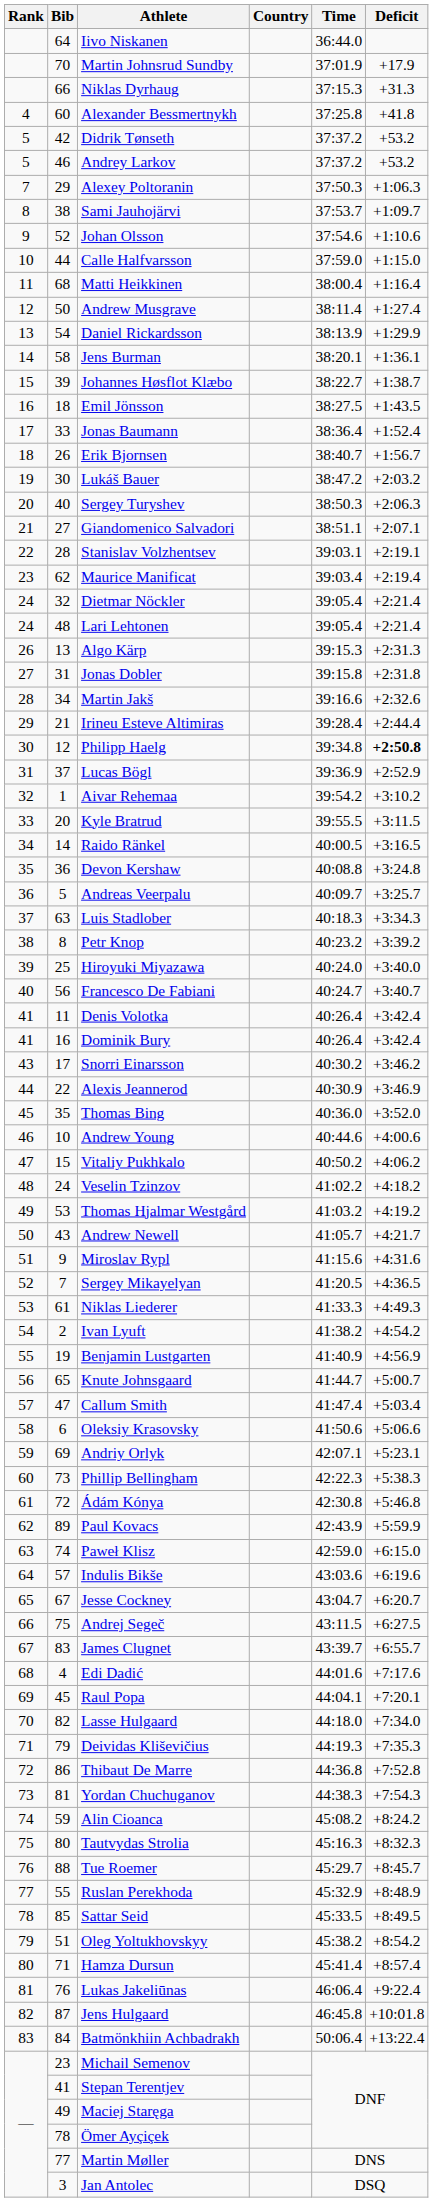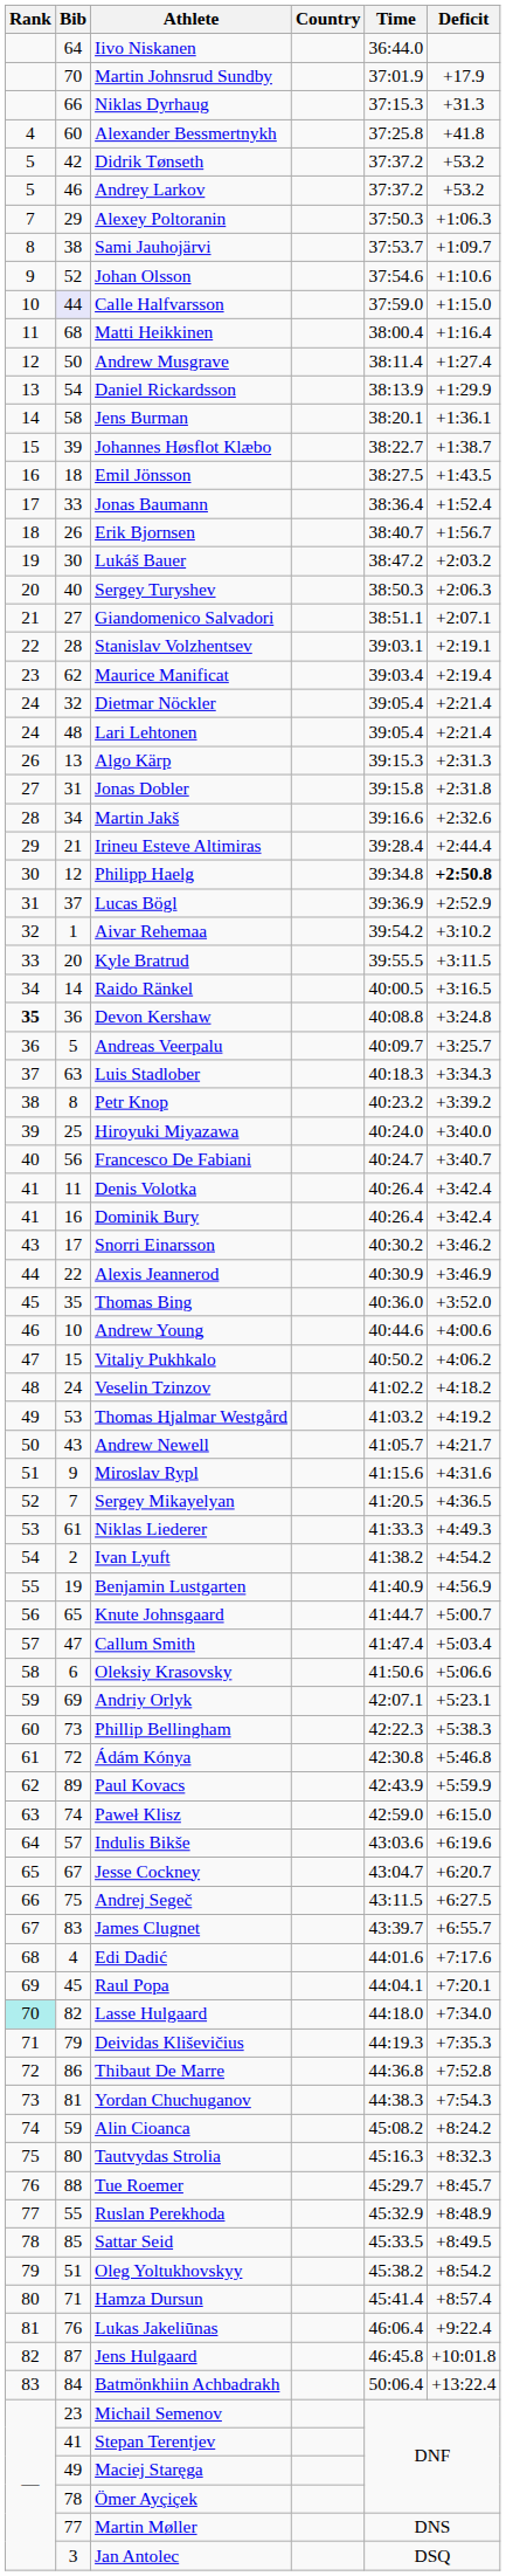 <table class="wikitable sortable" style="text-align:center">
 <tr>
 <th>Rank</th>
 <th>Bib</th>
 <th>Athlete</th>
 <th>Country</th>
 <th>Time</th>
 <th>Deficit</th>
 </tr>
 <tr>
 <td></td>
 <td>64</td>
 <td align=left><a href='#'>Iivo Niskanen</a></td>
 <td align=left></td>
 <td>36:44.0</td>
 <td></td>
 </tr>
 <tr>
 <td></td>
 <td>70</td>
 <td align=left><a href='#'>Martin Johnsrud Sundby</a></td>
 <td align=left></td>
 <td>37:01.9</td>
 <td>+17.9</td>
 </tr>
 <tr>
 <td></td>
 <td>66</td>
 <td align=left><a href='#'>Niklas Dyrhaug</a></td>
 <td align=left></td>
 <td>37:15.3</td>
 <td>+31.3</td>
 </tr>
 <tr>
 <td>4</td>
 <td>60</td>
 <td align=left><a href='#'>Alexander Bessmertnykh</a></td>
 <td align=left></td>
 <td>37:25.8</td>
 <td>+41.8</td>
 </tr>
 <tr>
 <td>5</td>
 <td>42</td>
 <td align=left><a href='#'>Didrik Tønseth</a></td>
 <td align=left></td>
 <td>37:37.2</td>
 <td>+53.2</td>
 </tr>
 <tr>
 <td>5</td>
 <td>46</td>
 <td align=left><a href='#'>Andrey Larkov</a></td>
 <td align=left></td>
 <td>37:37.2</td>
 <td>+53.2</td>
 </tr>
 <tr>
 <td>7</td>
 <td>29</td>
 <td align=left><a href='#'>Alexey Poltoranin</a></td>
 <td align=left></td>
 <td>37:50.3</td>
 <td>+1:06.3</td>
 </tr>
 <tr>
 <td>8</td>
 <td>38</td>
 <td align=left><a href='#'>Sami Jauhojärvi</a></td>
 <td align=left></td>
 <td>37:53.7</td>
 <td>+1:09.7</td>
 </tr>
 <tr>
 <td>9</td>
 <td>52</td>
 <td align=left><a href='#'>Johan Olsson</a></td>
 <td align=left></td>
 <td>37:54.6</td>
 <td>+1:10.6</td>
 </tr>
 <tr>
 <td>10</td>
-<td>44</td>
+<td style="background: lavender;">44</td>
 <td align=left><a href='#'>Calle Halfvarsson</a></td>
 <td align=left></td>
 <td>37:59.0</td>
 <td>+1:15.0</td>
 </tr>
 <tr>
 <td>11</td>
 <td>68</td>
 <td align=left><a href='#'>Matti Heikkinen</a></td>
 <td align=left></td>
 <td>38:00.4</td>
 <td>+1:16.4</td>
 </tr>
 <tr>
 <td>12</td>
 <td>50</td>
 <td align=left><a href='#'>Andrew Musgrave</a></td>
 <td align=left></td>
 <td>38:11.4</td>
 <td>+1:27.4</td>
 </tr>
 <tr>
 <td>13</td>
 <td>54</td>
 <td align=left><a href='#'>Daniel Rickardsson</a></td>
 <td align=left></td>
 <td>38:13.9</td>
 <td>+1:29.9</td>
 </tr>
 <tr>
 <td>14</td>
 <td>58</td>
 <td align=left><a href='#'>Jens Burman</a></td>
 <td align=left></td>
 <td>38:20.1</td>
 <td>+1:36.1</td>
 </tr>
 <tr>
 <td>15</td>
 <td>39</td>
 <td align=left><a href='#'>Johannes Høsflot Klæbo</a></td>
 <td align=left></td>
 <td>38:22.7</td>
 <td>+1:38.7</td>
 </tr>
 <tr>
 <td>16</td>
 <td>18</td>
 <td align=left><a href='#'>Emil Jönsson</a></td>
 <td align=left></td>
 <td>38:27.5</td>
 <td>+1:43.5</td>
 </tr>
 <tr>
 <td>17</td>
 <td>33</td>
 <td align=left><a href='#'>Jonas Baumann</a></td>
 <td align=left></td>
 <td>38:36.4</td>
 <td>+1:52.4</td>
 </tr>
 <tr>
 <td>18</td>
 <td>26</td>
 <td align=left><a href='#'>Erik Bjornsen</a></td>
 <td align=left></td>
 <td>38:40.7</td>
 <td>+1:56.7</td>
 </tr>
 <tr>
 <td>19</td>
 <td>30</td>
 <td align=left><a href='#'>Lukáš Bauer</a></td>
 <td align=left></td>
 <td>38:47.2</td>
 <td>+2:03.2</td>
 </tr>
 <tr>
 <td>20</td>
 <td>40</td>
 <td align=left><a href='#'>Sergey Turyshev</a></td>
 <td align=left></td>
 <td>38:50.3</td>
 <td>+2:06.3</td>
 </tr>
 <tr>
 <td>21</td>
 <td>27</td>
 <td align=left><a href='#'>Giandomenico Salvadori</a></td>
 <td align=left></td>
 <td>38:51.1</td>
 <td>+2:07.1</td>
 </tr>
 <tr>
 <td>22</td>
 <td>28</td>
 <td align=left><a href='#'>Stanislav Volzhentsev</a></td>
 <td align=left></td>
 <td>39:03.1</td>
 <td>+2:19.1</td>
 </tr>
 <tr>
 <td>23</td>
 <td>62</td>
 <td align=left><a href='#'>Maurice Manificat</a></td>
 <td align=left></td>
 <td>39:03.4</td>
 <td>+2:19.4</td>
 </tr>
 <tr>
 <td>24</td>
 <td>32</td>
 <td align=left><a href='#'>Dietmar Nöckler</a></td>
 <td align=left></td>
 <td>39:05.4</td>
 <td>+2:21.4</td>
 </tr>
 <tr>
 <td>24</td>
 <td>48</td>
 <td align=left><a href='#'>Lari Lehtonen</a></td>
 <td align=left></td>
 <td>39:05.4</td>
 <td>+2:21.4</td>
 </tr>
 <tr>
 <td>26</td>
 <td>13</td>
 <td align=left><a href='#'>Algo Kärp</a></td>
 <td align=left></td>
 <td>39:15.3</td>
 <td>+2:31.3</td>
 </tr>
 <tr>
 <td>27</td>
 <td>31</td>
 <td align=left><a href='#'>Jonas Dobler</a></td>
 <td align=left></td>
 <td>39:15.8</td>
 <td>+2:31.8</td>
 </tr>
 <tr>
 <td>28</td>
 <td>34</td>
 <td align=left><a href='#'>Martin Jakš</a></td>
 <td align=left></td>
 <td>39:16.6</td>
 <td>+2:32.6</td>
 </tr>
 <tr>
 <td>29</td>
 <td>21</td>
 <td align=left><a href='#'>Irineu Esteve Altimiras</a></td>
 <td align=left></td>
 <td>39:28.4</td>
 <td>+2:44.4</td>
 </tr>
 <tr>
 <td>30</td>
 <td>12</td>
 <td align=left><a href='#'>Philipp Haelg</a></td>
 <td align=left></td>
 <td>39:34.8</td>
 <td><strong>+2:50.8</strong></td>
 </tr>
 <tr>
 <td>31</td>
 <td>37</td>
 <td align=left><a href='#'>Lucas Bögl</a></td>
 <td align=left></td>
 <td>39:36.9</td>
 <td>+2:52.9</td>
 </tr>
 <tr>
 <td>32</td>
 <td>1</td>
 <td align=left><a href='#'>Aivar Rehemaa</a></td>
 <td align=left></td>
 <td>39:54.2</td>
 <td>+3:10.2</td>
 </tr>
 <tr>
 <td>33</td>
 <td>20</td>
 <td align=left><a href='#'>Kyle Bratrud</a></td>
 <td align=left></td>
 <td>39:55.5</td>
 <td>+3:11.5</td>
 </tr>
 <tr>
 <td>34</td>
 <td>14</td>
 <td align=left><a href='#'>Raido Ränkel</a></td>
 <td align=left></td>
 <td>40:00.5</td>
 <td>+3:16.5</td>
 </tr>
 <tr>
-<td>35</td>
+<td><strong>35</strong></td>
 <td>36</td>
 <td align=left><a href='#'>Devon Kershaw</a></td>
 <td align=left></td>
 <td>40:08.8</td>
 <td>+3:24.8</td>
 </tr>
 <tr>
 <td>36</td>
 <td>5</td>
 <td align=left><a href='#'>Andreas Veerpalu</a></td>
 <td align=left></td>
 <td>40:09.7</td>
 <td>+3:25.7</td>
 </tr>
 <tr>
 <td>37</td>
 <td>63</td>
 <td align=left><a href='#'>Luis Stadlober</a></td>
 <td align=left></td>
 <td>40:18.3</td>
 <td>+3:34.3</td>
 </tr>
 <tr>
 <td>38</td>
 <td>8</td>
 <td align=left><a href='#'>Petr Knop</a></td>
 <td align=left></td>
 <td>40:23.2</td>
 <td>+3:39.2</td>
 </tr>
 <tr>
 <td>39</td>
 <td>25</td>
 <td align=left><a href='#'>Hiroyuki Miyazawa</a></td>
 <td align=left></td>
 <td>40:24.0</td>
 <td>+3:40.0</td>
 </tr>
 <tr>
 <td>40</td>
 <td>56</td>
 <td align=left><a href='#'>Francesco De Fabiani</a></td>
 <td align=left></td>
 <td>40:24.7</td>
 <td>+3:40.7</td>
 </tr>
 <tr>
 <td>41</td>
 <td>11</td>
 <td align=left><a href='#'>Denis Volotka</a></td>
 <td align=left></td>
 <td>40:26.4</td>
 <td>+3:42.4</td>
 </tr>
 <tr>
 <td>41</td>
 <td>16</td>
 <td align=left><a href='#'>Dominik Bury</a></td>
 <td align=left></td>
 <td>40:26.4</td>
 <td>+3:42.4</td>
 </tr>
 <tr>
 <td>43</td>
 <td>17</td>
 <td align=left><a href='#'>Snorri Einarsson</a></td>
 <td align=left></td>
 <td>40:30.2</td>
 <td>+3:46.2</td>
 </tr>
 <tr>
 <td>44</td>
 <td>22</td>
 <td align=left><a href='#'>Alexis Jeannerod</a></td>
 <td align=left></td>
 <td>40:30.9</td>
 <td>+3:46.9</td>
 </tr>
 <tr>
 <td>45</td>
 <td>35</td>
 <td align=left><a href='#'>Thomas Bing</a></td>
 <td align=left></td>
 <td>40:36.0</td>
 <td>+3:52.0</td>
 </tr>
 <tr>
 <td>46</td>
 <td>10</td>
 <td align=left><a href='#'>Andrew Young</a></td>
 <td align=left></td>
 <td>40:44.6</td>
 <td>+4:00.6</td>
 </tr>
 <tr>
 <td>47</td>
 <td>15</td>
 <td align=left><a href='#'>Vitaliy Pukhkalo</a></td>
 <td align=left></td>
 <td>40:50.2</td>
 <td>+4:06.2</td>
 </tr>
 <tr>
 <td>48</td>
 <td>24</td>
 <td align=left><a href='#'>Veselin Tzinzov</a></td>
 <td align=left></td>
 <td>41:02.2</td>
 <td>+4:18.2</td>
 </tr>
 <tr>
 <td>49</td>
 <td>53</td>
 <td align=left><a href='#'>Thomas Hjalmar Westgård</a></td>
 <td align=left></td>
 <td>41:03.2</td>
 <td>+4:19.2</td>
 </tr>
 <tr>
 <td>50</td>
 <td>43</td>
 <td align=left><a href='#'>Andrew Newell</a></td>
 <td align=left></td>
 <td>41:05.7</td>
 <td>+4:21.7</td>
 </tr>
 <tr>
 <td>51</td>
 <td>9</td>
 <td align=left><a href='#'>Miroslav Rypl</a></td>
 <td align=left></td>
 <td>41:15.6</td>
 <td>+4:31.6</td>
 </tr>
 <tr>
 <td>52</td>
 <td>7</td>
 <td align=left><a href='#'>Sergey Mikayelyan</a></td>
 <td align=left></td>
 <td>41:20.5</td>
 <td>+4:36.5</td>
 </tr>
 <tr>
 <td>53</td>
 <td>61</td>
 <td align=left><a href='#'>Niklas Liederer</a></td>
 <td align=left></td>
 <td>41:33.3</td>
 <td>+4:49.3</td>
 </tr>
 <tr>
 <td>54</td>
 <td>2</td>
 <td align=left><a href='#'>Ivan Lyuft</a></td>
 <td align=left></td>
 <td>41:38.2</td>
 <td>+4:54.2</td>
 </tr>
 <tr>
 <td>55</td>
 <td>19</td>
 <td align=left><a href='#'>Benjamin Lustgarten</a></td>
 <td align=left></td>
 <td>41:40.9</td>
 <td>+4:56.9</td>
 </tr>
 <tr>
 <td>56</td>
 <td>65</td>
 <td align=left><a href='#'>Knute Johnsgaard</a></td>
 <td align=left></td>
 <td>41:44.7</td>
 <td>+5:00.7</td>
 </tr>
 <tr>
 <td>57</td>
 <td>47</td>
 <td align=left><a href='#'>Callum Smith</a></td>
 <td align=left></td>
 <td>41:47.4</td>
 <td>+5:03.4</td>
 </tr>
 <tr>
 <td>58</td>
 <td>6</td>
 <td align=left><a href='#'>Oleksiy Krasovsky</a></td>
 <td align=left></td>
 <td>41:50.6</td>
 <td>+5:06.6</td>
 </tr>
 <tr>
 <td>59</td>
 <td>69</td>
 <td align=left><a href='#'>Andriy Orlyk</a></td>
 <td align=left></td>
 <td>42:07.1</td>
 <td>+5:23.1</td>
 </tr>
 <tr>
 <td>60</td>
 <td>73</td>
 <td align=left><a href='#'>Phillip Bellingham</a></td>
 <td align=left></td>
 <td>42:22.3</td>
 <td>+5:38.3</td>
 </tr>
 <tr>
 <td>61</td>
 <td>72</td>
 <td align=left><a href='#'>Ádám Kónya</a></td>
 <td align=left></td>
 <td>42:30.8</td>
 <td>+5:46.8</td>
 </tr>
 <tr>
 <td>62</td>
 <td>89</td>
 <td align=left><a href='#'>Paul Kovacs</a></td>
 <td align=left></td>
 <td>42:43.9</td>
 <td>+5:59.9</td>
 </tr>
 <tr>
 <td>63</td>
 <td>74</td>
 <td align=left><a href='#'>Paweł Klisz</a></td>
 <td align=left></td>
 <td>42:59.0</td>
 <td>+6:15.0</td>
 </tr>
 <tr>
 <td>64</td>
 <td>57</td>
 <td align=left><a href='#'>Indulis Bikše</a></td>
 <td align=left></td>
 <td>43:03.6</td>
 <td>+6:19.6</td>
 </tr>
 <tr>
 <td>65</td>
 <td>67</td>
 <td align=left><a href='#'>Jesse Cockney</a></td>
 <td align=left></td>
 <td>43:04.7</td>
 <td>+6:20.7</td>
 </tr>
 <tr>
 <td>66</td>
 <td>75</td>
 <td align=left><a href='#'>Andrej Segeč</a></td>
 <td align=left></td>
 <td>43:11.5</td>
 <td>+6:27.5</td>
 </tr>
 <tr>
 <td>67</td>
 <td>83</td>
 <td align=left><a href='#'>James Clugnet</a></td>
 <td align=left></td>
 <td>43:39.7</td>
 <td>+6:55.7</td>
 </tr>
 <tr>
 <td>68</td>
 <td>4</td>
 <td align=left><a href='#'>Edi Dadić</a></td>
 <td align=left></td>
 <td>44:01.6</td>
 <td>+7:17.6</td>
 </tr>
 <tr>
 <td>69</td>
 <td>45</td>
 <td align=left><a href='#'>Raul Popa</a></td>
 <td align=left></td>
 <td>44:04.1</td>
 <td>+7:20.1</td>
 </tr>
 <tr>
-<td>70</td>
+<td style="background: paleturquoise;">70</td>
 <td>82</td>
 <td align=left><a href='#'>Lasse Hulgaard</a></td>
 <td align=left></td>
 <td>44:18.0</td>
 <td>+7:34.0</td>
 </tr>
 <tr>
 <td>71</td>
 <td>79</td>
 <td align=left><a href='#'>Deividas Kliševičius</a></td>
 <td align=left></td>
 <td>44:19.3</td>
 <td>+7:35.3</td>
 </tr>
 <tr>
 <td>72</td>
 <td>86</td>
 <td align=left><a href='#'>Thibaut De Marre</a></td>
 <td align=left></td>
 <td>44:36.8</td>
 <td>+7:52.8</td>
 </tr>
 <tr>
 <td>73</td>
 <td>81</td>
 <td align=left><a href='#'>Yordan Chuchuganov</a></td>
 <td align=left></td>
 <td>44:38.3</td>
 <td>+7:54.3</td>
 </tr>
 <tr>
 <td>74</td>
 <td>59</td>
 <td align=left><a href='#'>Alin Cioanca</a></td>
 <td align=left></td>
 <td>45:08.2</td>
 <td>+8:24.2</td>
 </tr>
 <tr>
 <td>75</td>
 <td>80</td>
 <td align=left><a href='#'>Tautvydas Strolia</a></td>
 <td align=left></td>
 <td>45:16.3</td>
 <td>+8:32.3</td>
 </tr>
 <tr>
 <td>76</td>
 <td>88</td>
 <td align=left><a href='#'>Tue Roemer</a></td>
 <td align=left></td>
 <td>45:29.7</td>
 <td>+8:45.7</td>
 </tr>
 <tr>
 <td>77</td>
 <td>55</td>
 <td align=left><a href='#'>Ruslan Perekhoda</a></td>
 <td align=left></td>
 <td>45:32.9</td>
 <td>+8:48.9</td>
 </tr>
 <tr>
 <td>78</td>
 <td>85</td>
 <td align=left><a href='#'>Sattar Seid</a></td>
 <td align=left></td>
 <td>45:33.5</td>
 <td>+8:49.5</td>
 </tr>
 <tr>
 <td>79</td>
 <td>51</td>
 <td align=left><a href='#'>Oleg Yoltukhovskyy</a></td>
 <td align=left></td>
 <td>45:38.2</td>
 <td>+8:54.2</td>
 </tr>
 <tr>
 <td>80</td>
 <td>71</td>
 <td align=left><a href='#'>Hamza Dursun</a></td>
 <td align=left></td>
 <td>45:41.4</td>
 <td>+8:57.4</td>
 </tr>
 <tr>
 <td>81</td>
 <td>76</td>
 <td align=left><a href='#'>Lukas Jakeliūnas</a></td>
 <td align=left></td>
 <td>46:06.4</td>
 <td>+9:22.4</td>
 </tr>
 <tr>
 <td>82</td>
 <td>87</td>
 <td align=left><a href='#'>Jens Hulgaard</a></td>
 <td align=left></td>
 <td>46:45.8</td>
 <td>+10:01.8</td>
 </tr>
 <tr>
 <td>83</td>
 <td>84</td>
 <td align=left><a href='#'>Batmönkhiin Achbadrakh</a></td>
 <td align=left></td>
 <td>50:06.4</td>
 <td>+13:22.4</td>
 </tr>
 <tr>
 <td rowspan=6>—</td>
 <td>23</td>
 <td align=left><a href='#'>Michail Semenov</a></td>
 <td align=left></td>
 <td rowspan=4 colspan=2>DNF</td>
 </tr>
 <tr>
 <td>41</td>
 <td align=left><a href='#'>Stepan Terentjev</a></td>
 <td align=left></td>
 </tr>
 <tr>
 <td>49</td>
 <td align=left><a href='#'>Maciej Staręga</a></td>
 <td align=left></td>
 </tr>
 <tr>
 <td>78</td>
 <td align=left><a href='#'>Ömer Ayçiçek</a></td>
 <td align=left></td>
 </tr>
 <tr>
 <td>77</td>
 <td align=left><a href='#'>Martin Møller</a></td>
 <td align=left></td>
 <td colspan=2>DNS</td>
 </tr>
 <tr>
 <td>3</td>
 <td align=left><a href='#'>Jan Antolec</a></td>
 <td align=left></td>
 <td colspan=2>DSQ</td>
 </tr>
 </table>
